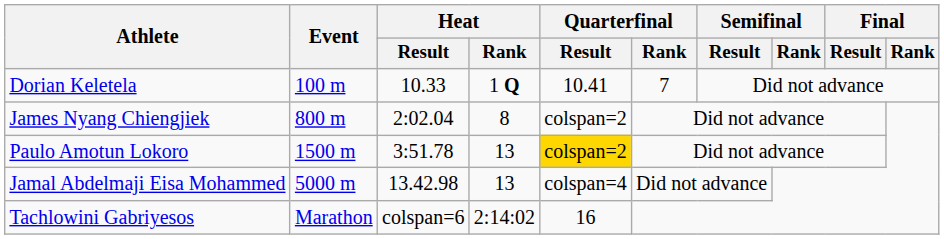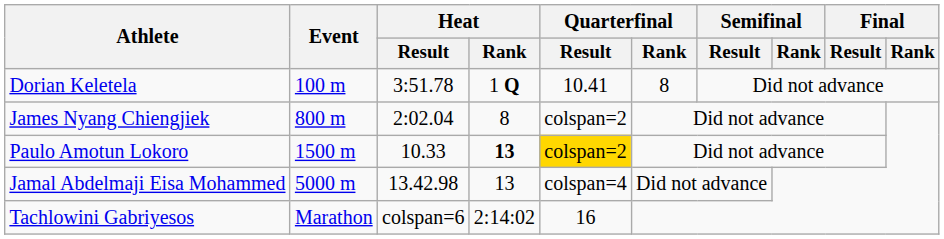 <table class="wikitable" style="font-size:90%">
 <tr>
 <th rowspan="2">Athlete</th>
 <th rowspan="2">Event</th>
 <th colspan="2">Heat</th>
 <th colspan="2">Quarterfinal</th>
 <th colspan="2">Semifinal</th>
 <th colspan="2">Final</th>
 </tr>
 <tr style="font-size:95%">
 <th>Result</th>
 <th>Rank</th>
 <th>Result</th>
 <th>Rank</th>
 <th>Result</th>
 <th>Rank</th>
 <th>Result</th>
 <th>Rank</th>
 </tr>
 <tr align=center>
 <td align=left><a href='#'>Dorian Keletela</a></td>
 <td align=left><a href='#'>100 m</a></td>
-<td>10.33</td>
+<td>3:51.78</td>
 <td>1 <strong>Q</strong></td>
 <td>10.41</td>
-<td>7</td>
+<td>8</td>
 <td colspan=4>Did not advance</td>
 </tr>
 <tr align=center>
 <td align=left><a href='#'>James Nyang Chiengjiek</a></td>
 <td align=left><a href='#'>800 m</a></td>
 <td>2:02.04</td>
 <td>8</td>
 <td>colspan=2 </td>
 <td colspan="4">Did not advance</td>
 </tr>
 <tr align=center>
 <td align=left><a href='#'>Paulo Amotun Lokoro</a></td>
 <td align=left><a href='#'>1500 m</a></td>
-<td>3:51.78</td>
-<td>13</td>
+<td>10.33</td>
+<td><strong>13</strong></td>
 <td style="background: gold;">colspan=2 </td>
 <td colspan="4">Did not advance</td>
 </tr>
 <tr align=center>
 <td align=left><a href='#'>Jamal Abdelmaji Eisa Mohammed</a></td>
 <td align=left><a href='#'>5000 m</a></td>
 <td>13.42.98</td>
 <td>13</td>
 <td>colspan=4 </td>
 <td colspan=2>Did not advance</td>
 </tr>
 <tr align=center>
 <td align=left><a href='#'>Tachlowini Gabriyesos</a></td>
 <td align=left><a href='#'>Marathon</a></td>
 <td>colspan=6 </td>
 <td>2:14:02</td>
 <td>16</td>
 </tr>
 </table>
